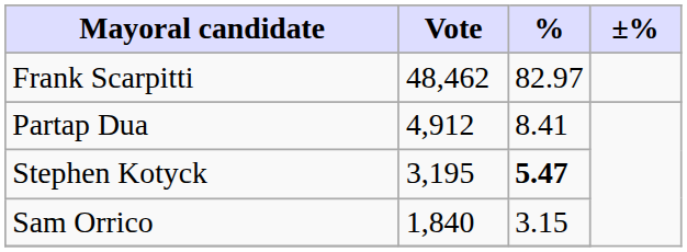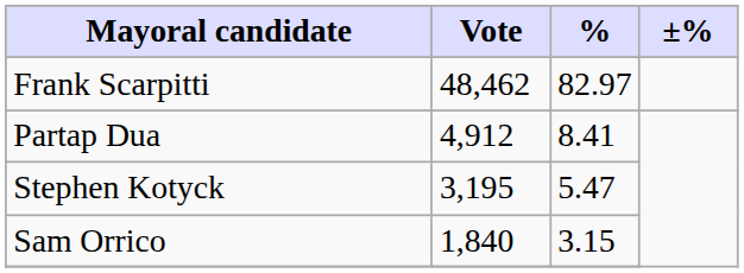 <table class="wikitable">
 <tr>
 <th style="background:#ddf; width:200px;">Mayoral candidate</th>
 <th style="background:#ddf; width:50px;">Vote</th>
 <th style="background:#ddf; width:30px;">%</th>
 <th style="background:#ddf; width:40px;">±%</th>
 </tr>
 <tr>
 <td>Frank Scarpitti</td>
 <td>48,462</td>
 <td>82.97</td>
 <td></td>
 </tr>
 <tr>
 <td>Partap Dua</td>
 <td>4,912</td>
 <td>8.41</td>
 </tr>
 <tr>
 <td>Stephen Kotyck</td>
 <td>3,195</td>
-<td><strong>5.47</strong></td>
+<td>5.47</td>
 </tr>
 <tr>
 <td>Sam Orrico</td>
 <td>1,840</td>
 <td>3.15</td>
 </tr>
 <tr>
 </tr>
 </table>
